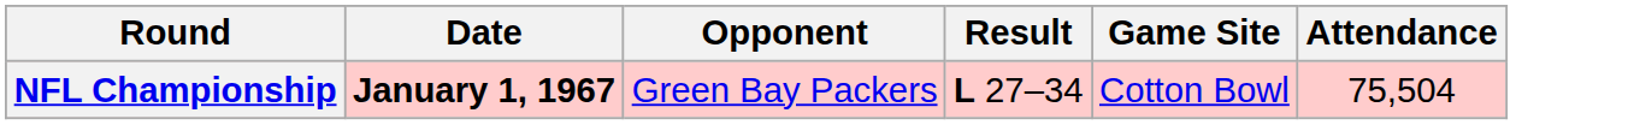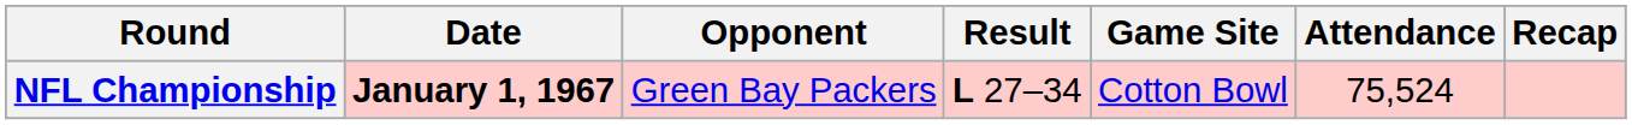 <table class="wikitable" style="text-align:center">
 <tr>
 <th>Round</th>
 <th>Date</th>
 <th>Opponent</th>
 <th>Result</th>
 <th>Game Site</th>
 <th>Attendance</th>
+<th>Recap</th>
 </tr>
 <tr style="background: #fcc">
 <th><a href='#'>NFL Championship</a></th>
 <td><strong>January 1, 1967</strong></td>
 <td><a href='#'>Green Bay Packers</a></td>
 <td><strong>L</strong> 27–34</td>
 <td><a href='#'>Cotton Bowl</a></td>
-<td>75,504</td>
+<td>75,524</td>
+<td></td>
 </tr>
 </table>
